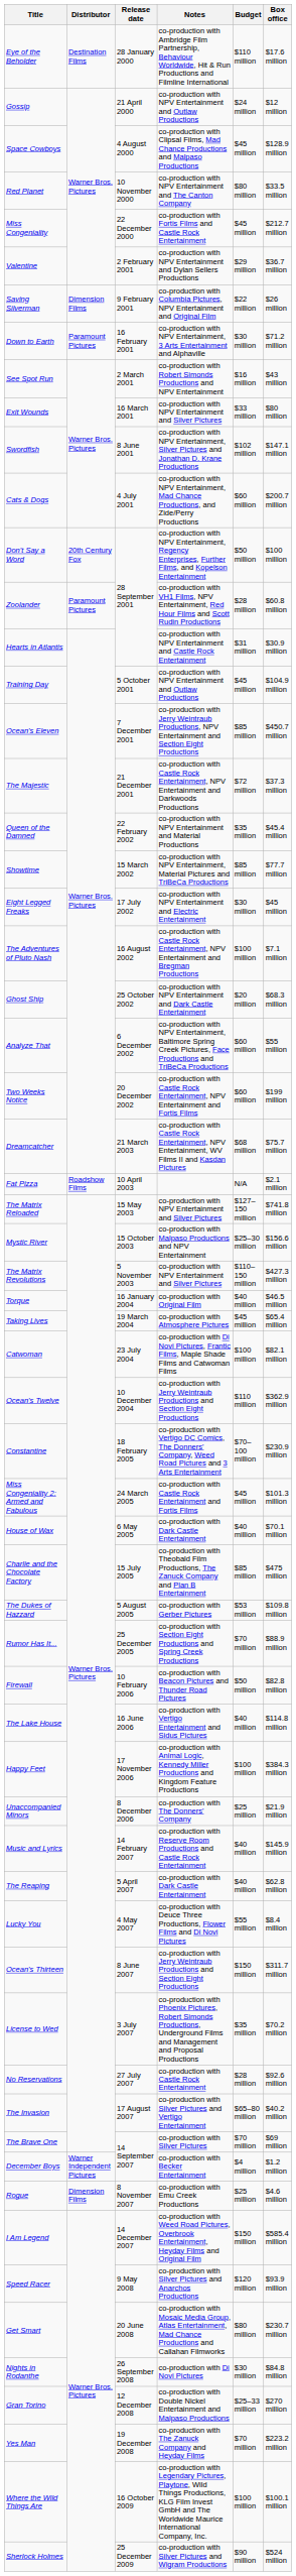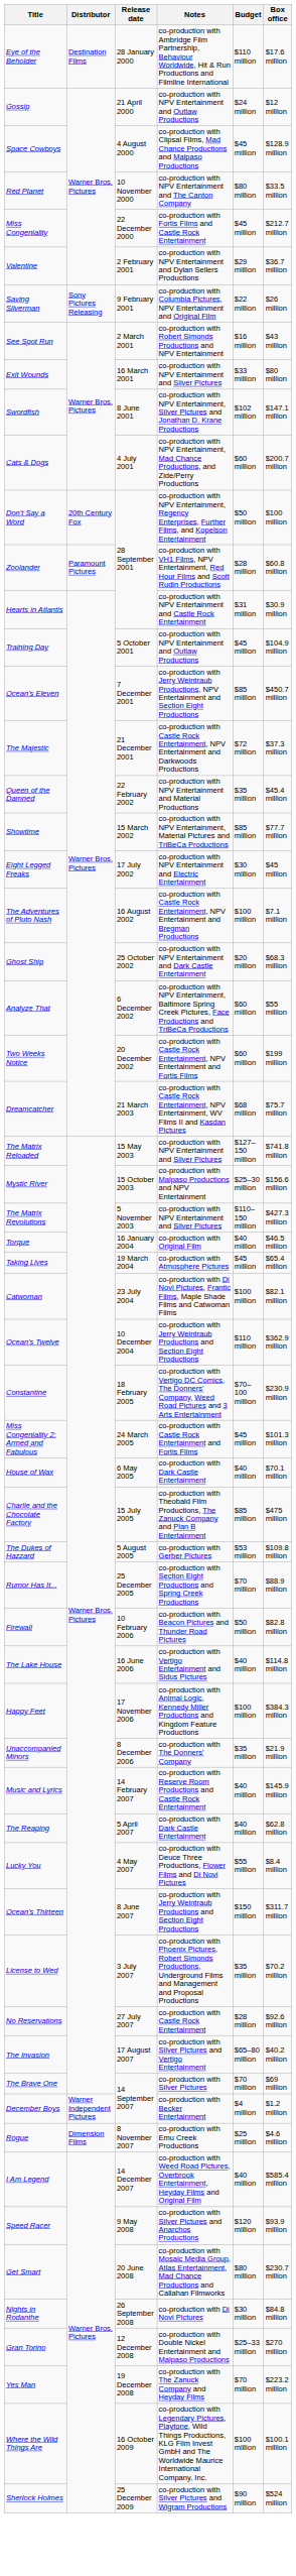 <table class="wikitable sortable">
 <tr>
 <th>Title</th>
 <th>Distributor</th>
 <th>Release date</th>
 <th>Notes</th>
 <th>Budget</th>
 <th>Box office</th>
 </tr>
 <tr>
 <td><em><a href='#'>Eye of the Beholder</a></em></td>
 <td><a href='#'>Destination Films</a></td>
 <td>28 January 2000</td>
 <td>co-production with Ambridge Film Partnership, <a href='#'>Behaviour Worldwide</a>, Hit & Run Productions and Filmline International</td>
 <td>$110 million</td>
 <td>$17.6 million</td>
 </tr>
 <tr>
 <td><em><a href='#'>Gossip</a></em></td>
 <td rowspan="5"><a href='#'>Warner Bros. Pictures</a></td>
 <td>21 April 2000</td>
 <td>co-production with NPV Entertainment and <a href='#'>Outlaw Productions</a></td>
 <td>$24 million</td>
 <td>$12 million</td>
 </tr>
 <tr>
 <td><em><a href='#'>Space Cowboys</a></em></td>
 <td>4 August 2000</td>
 <td>co-production with Clipsal Films, <a href='#'>Mad Chance Productions</a> and <a href='#'>Malpaso Productions</a></td>
 <td>$45 million</td>
 <td>$128.9 million</td>
 </tr>
 <tr>
 <td><em><a href='#'>Red Planet</a></em></td>
 <td>10 November 2000</td>
 <td>co-production with NPV Entertainment and <a href='#'>The Canton Company</a></td>
 <td>$80 million</td>
 <td>$33.5 million</td>
 </tr>
 <tr>
 <td><em><a href='#'>Miss Congeniality</a></em></td>
 <td>22 December 2000</td>
 <td>co-production with <a href='#'>Fortis Films</a> and <a href='#'>Castle Rock Entertainment</a></td>
 <td>$45 million</td>
 <td>$212.7 million</td>
 </tr>
 <tr>
 <td><em><a href='#'>Valentine</a></em></td>
 <td>2 February 2001</td>
 <td>co-production with NPV Entertainment and Dylan Sellers Productions</td>
 <td>$29 million</td>
 <td>$36.7 million</td>
 </tr>
 <tr>
 <td><em><a href='#'>Saving Silverman</a></em></td>
-<td><a href='#'>Dimension Films</a></td>
+<td><a href='#'>Sony Pictures Releasing</a></td>
 <td>9 February 2001</td>
 <td>co-production with <a href='#'>Columbia Pictures</a>, NPV Entertainment and <a href='#'>Original Film</a></td>
 <td>$22 million</td>
 <td>$26 million</td>
-</tr>
-<tr>
-<td><em><a href='#'>Down to Earth</a></em></td>
-<td><a href='#'>Paramount Pictures</a></td>
-<td>16 February 2001</td>
-<td>co-production with NPV Entertainment, <a href='#'>3 Arts Entertainment</a> and Alphaville</td>
-<td>$30 million</td>
-<td>$71.2 million</td>
 </tr>
 <tr>
 <td><em><a href='#'>See Spot Run</a></em></td>
 <td rowspan="4"><a href='#'>Warner Bros. Pictures</a></td>
 <td>2 March 2001</td>
 <td>co-production with <a href='#'>Robert Simonds Productions</a> and NPV Entertainment</td>
 <td>$16 million</td>
 <td>$43 million</td>
 </tr>
 <tr>
 <td><em><a href='#'>Exit Wounds</a></em></td>
 <td>16 March 2001</td>
 <td>co-production with NPV Entertainment and <a href='#'>Silver Pictures</a></td>
 <td>$33 million</td>
 <td>$80 million</td>
 </tr>
 <tr>
 <td><em><a href='#'>Swordfish</a></em></td>
 <td>8 June 2001</td>
 <td>co-production with NPV Entertainment, <a href='#'>Silver Pictures</a> and <a href='#'>Jonathan D. Krane Productions</a></td>
 <td>$102 million</td>
 <td>$147.1 million</td>
 </tr>
 <tr>
 <td><em><a href='#'>Cats & Dogs</a></em></td>
 <td>4 July 2001</td>
 <td>co-production with NPV Entertainment, <a href='#'>Mad Chance Productions</a>, and Zide/Perry Productions</td>
 <td>$60 million</td>
 <td>$200.7 million</td>
 </tr>
 <tr>
 <td><em><a href='#'>Don't Say a Word</a></em></td>
 <td><a href='#'>20th Century Fox</a></td>
 <td rowspan="3">28 September 2001</td>
 <td>co-production with NPV Entertainment, <a href='#'>Regency Enterprises</a>, <a href='#'>Further Films</a>, and <a href='#'>Kopelson Entertainment</a></td>
 <td>$50 million</td>
 <td>$100 million</td>
 </tr>
 <tr>
 <td><em><a href='#'>Zoolander</a></em></td>
 <td><a href='#'>Paramount Pictures</a></td>
 <td>co-production with <a href='#'>VH1 Films</a>, NPV Entertainment, <a href='#'>Red Hour Films</a> and <a href='#'>Scott Rudin Productions</a></td>
 <td>$28 million</td>
 <td>$60.8 million</td>
 </tr>
 <tr>
 <td><em><a href='#'>Hearts in Atlantis</a></em></td>
 <td rowspan="12"><a href='#'>Warner Bros. Pictures</a></td>
 <td>co-production with NPV Entertainment and <a href='#'>Castle Rock Entertainment</a></td>
 <td>$31 million</td>
 <td>$30.9 million</td>
 </tr>
 <tr>
 <td><em><a href='#'>Training Day</a></em></td>
 <td>5 October 2001</td>
 <td>co-production with NPV Entertainment and <a href='#'>Outlaw Productions</a></td>
 <td>$45 million</td>
 <td>$104.9 million</td>
 </tr>
 <tr>
 <td><em><a href='#'>Ocean's Eleven</a></em></td>
 <td>7 December 2001</td>
 <td>co-production with <a href='#'>Jerry Weintraub Productions</a>, NPV Entertainment and <a href='#'>Section Eight Productions</a></td>
 <td>$85 million</td>
 <td>$450.7 million</td>
 </tr>
 <tr>
 <td><em><a href='#'>The Majestic</a></em></td>
 <td>21 December 2001</td>
 <td>co-production with <a href='#'>Castle Rock Entertainment</a>, NPV Entertainment and Darkwoods Productions</td>
 <td>$72 million</td>
 <td>$37.3 million</td>
 </tr>
 <tr>
 <td><em><a href='#'>Queen of the Damned</a></em></td>
 <td>22 February 2002</td>
 <td>co-production with NPV Entertainment and Material Productions</td>
 <td>$35 million</td>
 <td>$45.4 million</td>
 </tr>
 <tr>
 <td><em><a href='#'>Showtime</a></em></td>
 <td>15 March 2002</td>
 <td>co-production with NPV Entertainment, Material Pictures and <a href='#'>TriBeCa Productions</a></td>
 <td>$85 million</td>
 <td>$77.7 million</td>
 </tr>
 <tr>
 <td><em><a href='#'>Eight Legged Freaks</a></em></td>
 <td>17 July 2002</td>
 <td>co-production with NPV Entertainment and <a href='#'>Electric Entertainment</a></td>
 <td>$30 million</td>
 <td>$45 million</td>
 </tr>
 <tr>
 <td><em><a href='#'>The Adventures of Pluto Nash</a></em></td>
 <td>16 August 2002</td>
 <td>co-production with <a href='#'>Castle Rock Entertainment</a>, NPV Entertainment and <a href='#'>Bregman Productions</a></td>
 <td>$100 million</td>
 <td>$7.1 million</td>
 </tr>
 <tr>
 <td><em><a href='#'>Ghost Ship</a></em></td>
 <td>25 October 2002</td>
 <td>co-production with NPV Entertainment and <a href='#'>Dark Castle Entertainment</a></td>
 <td>$20 million</td>
 <td>$68.3 million</td>
 </tr>
 <tr>
 <td><em><a href='#'>Analyze That</a></em></td>
 <td>6 December 2002</td>
 <td>co-production with NPV Entertainment, Baltimore Spring Creek Pictures, <a href='#'>Face Productions</a> and <a href='#'>TriBeCa Productions</a></td>
 <td>$60 million</td>
 <td>$55 million</td>
 </tr>
 <tr>
 <td><em><a href='#'>Two Weeks Notice</a></em></td>
 <td>20 December 2002</td>
 <td>co-production with <a href='#'>Castle Rock Entertainment</a>, NPV Entertainment and <a href='#'>Fortis Films</a></td>
 <td>$60 million</td>
 <td>$199 million</td>
 </tr>
 <tr>
 <td><em><a href='#'>Dreamcatcher</a></em></td>
 <td>21 March 2003</td>
 <td>co-production with <a href='#'>Castle Rock Entertainment</a>, NPV Entertainment, WV Films II and <a href='#'>Kasdan Pictures</a></td>
 <td>$68 million</td>
 <td>$75.7 million</td>
 </tr>
 <tr>
-<td><em><a href='#'>Fat Pizza</a></em></td>
-<td><a href='#'>Roadshow Films</a></td>
-<td>10 April 2003</td>
-<td></td>
-<td>N/A</td>
-<td>$2.1 million</td>
-</tr>
-<tr>
 <td><em><a href='#'>The Matrix Reloaded</a></em></td>
 <td rowspan="25"><a href='#'>Warner Bros. Pictures</a></td>
 <td>15 May 2003</td>
 <td>co-production with NPV Entertainment and <a href='#'>Silver Pictures</a></td>
 <td>$127–150 million</td>
 <td>$741.8 million</td>
 </tr>
 <tr>
 <td><em><a href='#'>Mystic River</a></em></td>
 <td>15 October 2003</td>
 <td>co-production with <a href='#'>Malpaso Productions</a> and NPV Entertainment</td>
 <td>$25–30 million</td>
 <td>$156.6 million</td>
 </tr>
 <tr>
 <td><em><a href='#'>The Matrix Revolutions</a></em></td>
 <td>5 November 2003</td>
 <td>co-production with NPV Entertainment and <a href='#'>Silver Pictures</a></td>
 <td>$110–150 million</td>
 <td>$427.3 million</td>
 </tr>
 <tr>
 <td><em><a href='#'>Torque</a></em></td>
 <td>16 January 2004</td>
 <td>co-production with <a href='#'>Original Film</a></td>
 <td>$40 million</td>
 <td>$46.5 million</td>
 </tr>
 <tr>
 <td><em><a href='#'>Taking Lives</a></em></td>
 <td>19 March 2004</td>
 <td>co-production with <a href='#'>Atmosphere Pictures</a></td>
 <td>$45 million</td>
 <td>$65.4 million</td>
 </tr>
 <tr>
 <td><em><a href='#'>Catwoman</a></em></td>
 <td>23 July 2004</td>
 <td>co-production with <a href='#'>Di Novi Pictures</a>, <a href='#'>Frantic Films</a>, Maple Shade Films and Catwoman Films</td>
 <td>$100 million</td>
 <td>$82.1 million</td>
 </tr>
 <tr>
 <td><em><a href='#'>Ocean's Twelve</a></em></td>
 <td>10 December 2004</td>
 <td>co-production with <a href='#'>Jerry Weintraub Productions</a> and <a href='#'>Section Eight Productions</a></td>
 <td>$110 million</td>
 <td>$362.9 million</td>
 </tr>
 <tr>
 <td><em><a href='#'>Constantine</a></em></td>
 <td>18 February 2005</td>
 <td>co-production with <a href='#'>Vertigo DC Comics</a>, <a href='#'>The Donners' Company</a>, <a href='#'>Weed Road Pictures</a> and <a href='#'>3 Arts Entertainment</a></td>
 <td>$70–100 million</td>
 <td>$230.9 million</td>
 </tr>
 <tr>
 <td><em><a href='#'>Miss Congeniality 2: Armed and Fabulous</a></em></td>
 <td>24 March 2005</td>
 <td>co-production with <a href='#'>Castle Rock Entertainment</a> and <a href='#'>Fortis Films</a></td>
 <td>$45 million</td>
 <td>$101.3 million</td>
 </tr>
 <tr>
 <td><em><a href='#'>House of Wax</a></em></td>
 <td>6 May 2005</td>
 <td>co-production with <a href='#'>Dark Castle Entertainment</a></td>
 <td>$40 million</td>
 <td>$70.1 million</td>
 </tr>
 <tr>
 <td><em><a href='#'>Charlie and the Chocolate Factory</a></em></td>
 <td>15 July 2005</td>
 <td>co-production with Theobald Film Productions, <a href='#'>The Zanuck Company</a> and <a href='#'>Plan B Entertainment</a></td>
 <td>$85 million</td>
 <td>$475 million</td>
 </tr>
 <tr>
 <td><em><a href='#'>The Dukes of Hazzard</a></em></td>
 <td>5 August 2005</td>
 <td>co-production with <a href='#'>Gerber Pictures</a></td>
 <td>$53 million</td>
 <td>$109.8 million</td>
 </tr>
 <tr>
 <td><em><a href='#'>Rumor Has It...</a></em></td>
 <td>25 December 2005</td>
 <td>co-production with <a href='#'>Section Eight Productions</a> and <a href='#'>Spring Creek Productions</a></td>
 <td>$70 million</td>
 <td>$88.9 million</td>
 </tr>
 <tr>
 <td><em><a href='#'>Firewall</a></em></td>
 <td>10 February 2006</td>
 <td>co-production with <a href='#'>Beacon Pictures</a> and <a href='#'>Thunder Road Pictures</a></td>
 <td>$50 million</td>
 <td>$82.8 million</td>
 </tr>
 <tr>
 <td><em><a href='#'>The Lake House</a></em></td>
 <td>16 June 2006</td>
 <td>co-production with <a href='#'>Vertigo Entertainment</a> and <a href='#'>Sidus Pictures</a></td>
 <td>$40 million</td>
 <td>$114.8 million</td>
 </tr>
 <tr>
 <td><em><a href='#'>Happy Feet</a></em></td>
 <td>17 November 2006</td>
 <td>co-production with <a href='#'>Animal Logic</a>, <a href='#'>Kennedy Miller Productions</a> and Kingdom Feature Productions</td>
 <td>$100 million</td>
 <td>$384.3 million</td>
 </tr>
 <tr>
 <td><em><a href='#'>Unaccompanied Minors</a></em></td>
 <td>8 December 2006</td>
 <td>co-production with <a href='#'>The Donners' Company</a></td>
-<td>$25 million</td>
+<td>$35 million</td>
 <td>$21.9 million</td>
 </tr>
 <tr>
 <td><em><a href='#'>Music and Lyrics</a></em></td>
 <td>14 February 2007</td>
 <td>co-production with <a href='#'>Reserve Room Productions</a> and <a href='#'>Castle Rock Entertainment</a></td>
 <td>$40 million</td>
 <td>$145.9 million</td>
 </tr>
 <tr>
 <td><em><a href='#'>The Reaping</a></em></td>
 <td>5 April 2007</td>
 <td>co-production with <a href='#'>Dark Castle Entertainment</a></td>
 <td>$40 million</td>
 <td>$62.8 million</td>
 </tr>
 <tr>
 <td><em><a href='#'>Lucky You</a></em></td>
 <td>4 May 2007</td>
 <td>co-production with Deuce Three Productions, <a href='#'>Flower Films</a> and <a href='#'>Di Novi Pictures</a></td>
 <td>$55 million</td>
 <td>$8.4 million</td>
 </tr>
 <tr>
 <td><em><a href='#'>Ocean's Thirteen</a></em></td>
 <td>8 June 2007</td>
 <td>co-production with <a href='#'>Jerry Weintraub Productions</a> and <a href='#'>Section Eight Productions</a></td>
 <td>$150 million</td>
 <td>$311.7 million</td>
 </tr>
 <tr>
 <td><em><a href='#'>License to Wed</a></em></td>
 <td>3 July 2007</td>
 <td>co-production with <a href='#'>Phoenix Pictures</a>, <a href='#'>Robert Simonds Productions</a>, Underground Films and Management and Proposal Productions</td>
 <td>$35 million</td>
 <td>$70.2 million</td>
 </tr>
 <tr>
 <td><em><a href='#'>No Reservations</a></em></td>
 <td>27 July 2007</td>
 <td>co-production with <a href='#'>Castle Rock Entertainment</a></td>
 <td>$28 million</td>
 <td>$92.6 million</td>
 </tr>
 <tr>
 <td><em><a href='#'>The Invasion</a></em></td>
 <td>17 August 2007</td>
 <td>co-production with <a href='#'>Silver Pictures</a> and <a href='#'>Vertigo Entertainment</a></td>
 <td>$65–80 million</td>
 <td>$40.2 million</td>
 </tr>
 <tr>
 <td><em><a href='#'>The Brave One</a></em></td>
 <td rowspan="2">14 September 2007</td>
 <td>co-production with <a href='#'>Silver Pictures</a></td>
 <td>$70 million</td>
 <td>$69 million</td>
 </tr>
 <tr>
 <td><em><a href='#'>December Boys</a></em></td>
 <td><a href='#'>Warner Independent Pictures</a></td>
 <td>co-production with <a href='#'>Becker Entertainment</a></td>
 <td>$4 million</td>
 <td>$1.2 million</td>
 </tr>
 <tr>
 <td><em><a href='#'>Rogue</a></em></td>
 <td><a href='#'>Dimension Films</a></td>
 <td>8 November 2007</td>
 <td>co-production with Emu Creek Productions</td>
 <td>$25 million</td>
 <td>$4.6 million</td>
 </tr>
 <tr>
 <td><em><a href='#'>I Am Legend</a></em></td>
 <td rowspan="8"><a href='#'>Warner Bros. Pictures</a></td>
 <td>14 December 2007</td>
 <td>co-production with <a href='#'>Weed Road Pictures</a>, <a href='#'>Overbrook Entertainment</a>, <a href='#'>Heyday Films</a> and <a href='#'>Original Film</a></td>
-<td>$150 million</td>
+<td>$40 million</td>
 <td>$585.4 million</td>
 </tr>
 <tr>
 <td><em><a href='#'>Speed Racer</a></em></td>
 <td>9 May 2008</td>
 <td>co-production with <a href='#'>Silver Pictures</a> and <a href='#'>Anarchos Productions</a></td>
 <td>$120 million</td>
 <td>$93.9 million</td>
 </tr>
 <tr>
 <td><em><a href='#'>Get Smart</a></em></td>
 <td>20 June 2008</td>
 <td>co-production with <a href='#'>Mosaic Media Group</a>, <a href='#'>Atlas Entertainment</a>, <a href='#'>Mad Chance Productions</a> and Callahan Filmworks</td>
 <td>$80 million</td>
 <td>$230.7 million</td>
 </tr>
 <tr>
 <td><em><a href='#'>Nights in Rodanthe</a></em></td>
 <td>26 September 2008</td>
 <td>co-production with <a href='#'>Di Novi Pictures</a></td>
 <td>$30 million</td>
 <td>$84.8 million</td>
 </tr>
 <tr>
 <td><em><a href='#'>Gran Torino</a></em></td>
 <td>12 December 2008</td>
 <td>co-production with Double Nickel Entertainment and <a href='#'>Malpaso Productions</a></td>
 <td>$25–33 million</td>
 <td>$270 million</td>
 </tr>
 <tr>
 <td><em><a href='#'>Yes Man</a></em></td>
 <td>19 December 2008</td>
 <td>co-production with <a href='#'>The Zanuck Company</a> and <a href='#'>Heyday Films</a></td>
 <td>$70 million</td>
 <td>$223.2 million</td>
 </tr>
 <tr>
 <td><em><a href='#'>Where the Wild Things Are</a></em></td>
 <td>16 October 2009</td>
 <td>co-production with <a href='#'>Legendary Pictures</a>, <a href='#'>Playtone</a>, Wild Things Productions, KLG Film Invest GmbH and The Worldwide Maurice International Company, Inc.</td>
 <td>$100 million</td>
 <td>$100.1 million</td>
 </tr>
 <tr>
 <td><em><a href='#'>Sherlock Holmes</a></em></td>
 <td>25 December 2009</td>
 <td>co-production with <a href='#'>Silver Pictures</a> and <a href='#'>Wigram Productions</a></td>
 <td>$90 million</td>
 <td>$524 million</td>
 </tr>
 </table>
